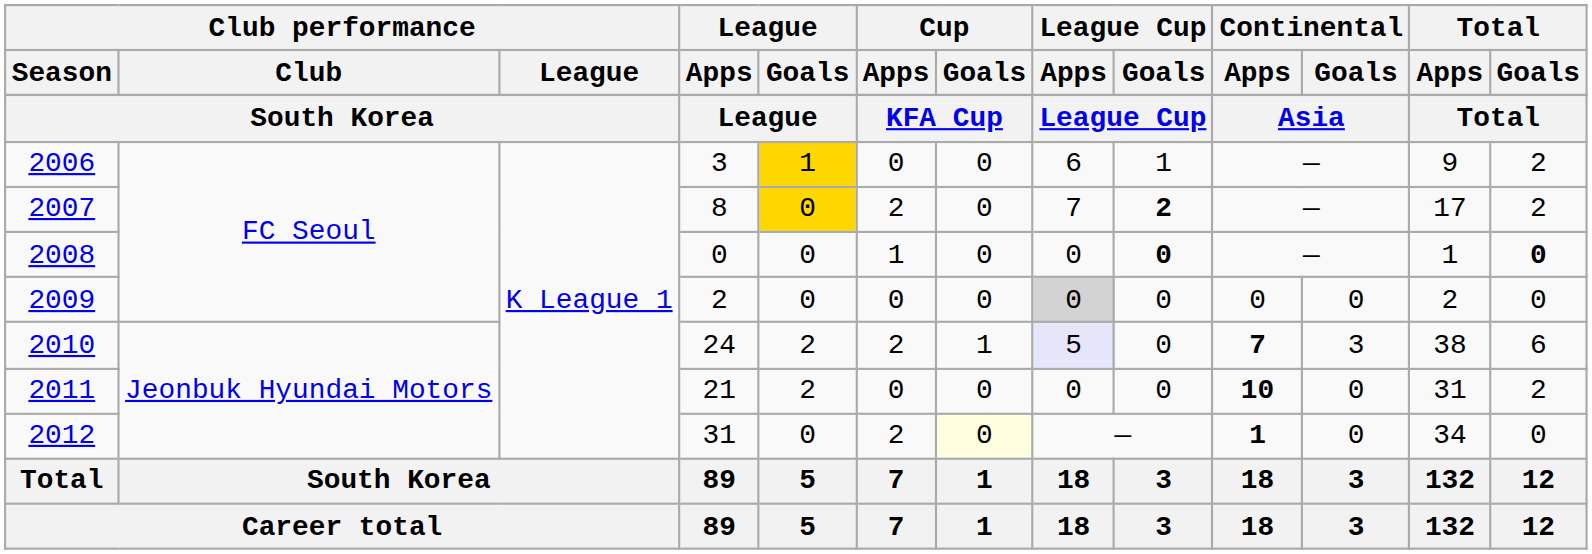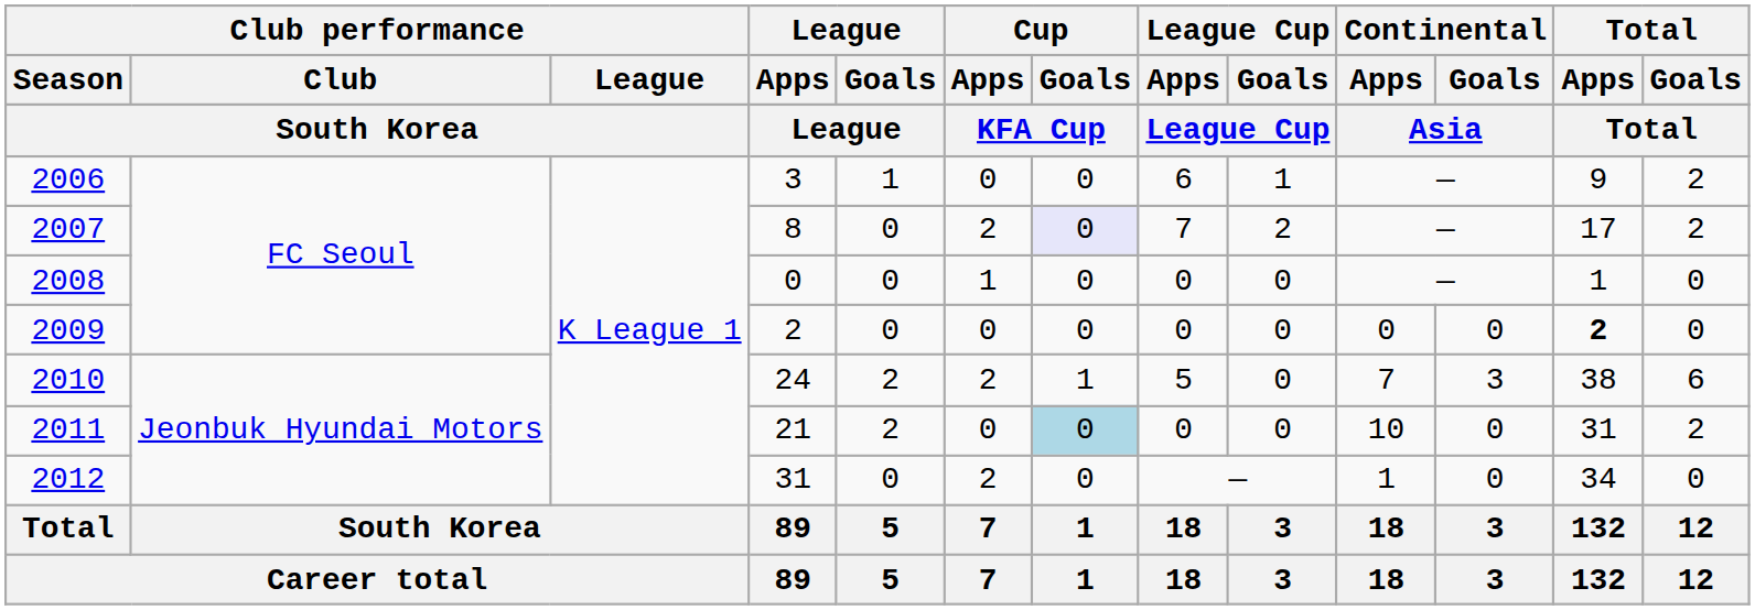 <table class="wikitable" style="text-align:center">
 <tr>
 <th colspan=3>Club performance</th>
 <th colspan=2>League</th>
 <th colspan=2>Cup</th>
 <th colspan=2>League Cup</th>
 <th colspan=2>Continental</th>
 <th colspan=2>Total</th>
 </tr>
 <tr>
 <th>Season</th>
 <th>Club</th>
 <th>League</th>
 <th>Apps</th>
 <th>Goals</th>
 <th>Apps</th>
 <th>Goals</th>
 <th>Apps</th>
 <th>Goals</th>
 <th>Apps</th>
 <th>Goals</th>
 <th>Apps</th>
 <th>Goals</th>
 </tr>
 <tr>
 </tr>
 <tr>
 <th colspan=3>South Korea</th>
 <th colspan=2>League</th>
 <th colspan=2><a href='#'>KFA Cup</a></th>
 <th colspan=2><a href='#'>League Cup</a></th>
 <th colspan=2><a href='#'>Asia</a></th>
 <th colspan=2>Total</th>
 </tr>
 <tr>
 <td><a href='#'>2006</a></td>
 <td rowspan="4"><a href='#'>FC Seoul</a></td>
 <td rowspan="7"><a href='#'>K League 1</a></td>
 <td>3</td>
-<td style="background: gold;">1</td>
+<td>1</td>
 <td>0</td>
 <td>0</td>
 <td>6</td>
 <td>1</td>
 <td colspan="2">—</td>
 <td>9</td>
 <td>2</td>
 </tr>
 <tr>
 <td><a href='#'>2007</a></td>
 <td>8</td>
-<td style="background: gold;">0</td>
+<td>0</td>
 <td>2</td>
-<td>0</td>
+<td style="background: lavender;">0</td>
 <td>7</td>
-<td><strong>2</strong></td>
+<td>2</td>
 <td colspan="2">—</td>
 <td>17</td>
 <td>2</td>
 </tr>
 <tr>
 <td><a href='#'>2008</a></td>
 <td>0</td>
 <td>0</td>
 <td>1</td>
 <td>0</td>
 <td>0</td>
-<td><strong>0</strong></td>
+<td>0</td>
 <td colspan="2">—</td>
 <td>1</td>
-<td><strong>0</strong></td>
+<td>0</td>
 </tr>
 <tr>
 <td><a href='#'>2009</a></td>
 <td>2</td>
 <td>0</td>
 <td>0</td>
 <td>0</td>
-<td style="background: lightgrey;">0</td>
 <td>0</td>
 <td>0</td>
 <td>0</td>
-<td>2</td>
+<td>0</td>
+<td><strong>2</strong></td>
 <td>0</td>
 </tr>
 <tr>
 <td><a href='#'>2010</a></td>
 <td rowspan="3"><a href='#'>Jeonbuk Hyundai Motors</a></td>
 <td>24</td>
 <td>2</td>
 <td>2</td>
 <td>1</td>
-<td style="background: lavender;">5</td>
+<td>5</td>
 <td>0</td>
-<td><strong>7</strong></td>
+<td>7</td>
 <td>3</td>
 <td>38</td>
 <td>6</td>
 </tr>
 <tr>
 <td><a href='#'>2011</a></td>
 <td>21</td>
 <td>2</td>
 <td>0</td>
+<td style="background: lightblue;">0</td>
 <td>0</td>
 <td>0</td>
-<td>0</td>
-<td><strong>10</strong></td>
+<td>10</td>
 <td>0</td>
 <td>31</td>
 <td>2</td>
 </tr>
 <tr>
 <td><a href='#'>2012</a></td>
 <td>31</td>
 <td>0</td>
 <td>2</td>
-<td style="background: lightyellow;">0</td>
+<td>0</td>
 <td colspan="2">—</td>
-<td><strong>1</strong></td>
+<td>1</td>
 <td>0</td>
 <td>34</td>
 <td>0</td>
 </tr>
 <tr>
 <th rowspan=1>Total</th>
 <th colspan=2>South Korea</th>
 <th>89</th>
 <th>5</th>
 <th>7</th>
 <th>1</th>
 <th>18</th>
 <th>3</th>
 <th>18</th>
 <th>3</th>
 <th>132</th>
 <th>12</th>
 </tr>
 <tr>
 <th colspan=3>Career total</th>
 <th>89</th>
 <th>5</th>
 <th>7</th>
 <th>1</th>
 <th>18</th>
 <th>3</th>
 <th>18</th>
 <th>3</th>
 <th>132</th>
 <th>12</th>
 </tr>
 </table>
